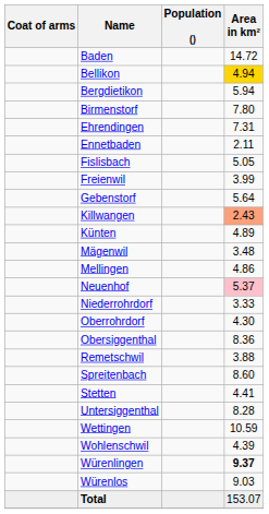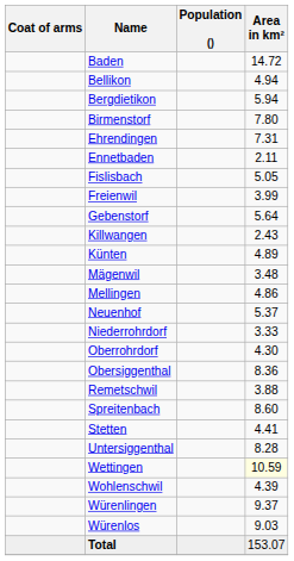 <table class="wikitable sortable">
 <tr>
 <th>Coat of arms</th>
 <th>Name</th>
 <th>Population <br><small><br>()</small></th>
 <th>Area<br> in km²</th>
 </tr>
 <tr>
 <td align="center"></td>
 <td><a href='#'>Baden</a></td>
 <td align="center"></td>
 <td align="center">14.72</td>
 </tr>
 <tr>
 <td align="center"></td>
 <td><a href='#'>Bellikon</a></td>
 <td align="center"></td>
-<td align="center" style="background: gold;">4.94</td>
+<td align="center">4.94</td>
 </tr>
 <tr>
 <td align="center"></td>
 <td><a href='#'>Bergdietikon</a></td>
 <td align="center"></td>
 <td align="center">5.94</td>
 </tr>
 <tr>
 <td align="center"></td>
 <td><a href='#'>Birmenstorf</a></td>
 <td align="center"></td>
 <td align="center">7.80</td>
 </tr>
 <tr>
 <td align="center"></td>
 <td><a href='#'>Ehrendingen</a></td>
 <td align="center"></td>
 <td align="center">7.31</td>
 </tr>
 <tr>
 <td align="center"></td>
 <td><a href='#'>Ennetbaden</a></td>
 <td align="center"></td>
 <td align="center">2.11</td>
 </tr>
 <tr>
 <td align="center"></td>
 <td><a href='#'>Fislisbach</a></td>
 <td align="center"></td>
 <td align="center">5.05</td>
 </tr>
 <tr>
 <td align="center"></td>
 <td><a href='#'>Freienwil</a></td>
 <td align="center"></td>
 <td align="center">3.99</td>
 </tr>
 <tr>
 <td align="center"></td>
 <td><a href='#'>Gebenstorf</a></td>
 <td align="center"></td>
 <td align="center">5.64</td>
 </tr>
 <tr>
 <td align="center"></td>
 <td><a href='#'>Killwangen</a></td>
 <td align="center"></td>
-<td align="center" style="background: lightsalmon;">2.43</td>
+<td align="center">2.43</td>
 </tr>
 <tr>
 <td align="center"></td>
 <td><a href='#'>Künten</a></td>
 <td align="center"></td>
 <td align="center">4.89</td>
 </tr>
 <tr>
 <td align="center"></td>
 <td><a href='#'>Mägenwil</a></td>
 <td align="center"></td>
 <td align="center">3.48</td>
 </tr>
 <tr>
 <td align="center"></td>
 <td><a href='#'>Mellingen</a></td>
 <td align="center"></td>
 <td align="center">4.86</td>
 </tr>
 <tr>
 <td align="center"></td>
 <td><a href='#'>Neuenhof</a></td>
 <td align="center"></td>
-<td align="center" style="background: pink;">5.37</td>
+<td align="center">5.37</td>
 </tr>
 <tr>
 <td align="center"></td>
 <td><a href='#'>Niederrohrdorf</a></td>
 <td align="center"></td>
 <td align="center">3.33</td>
 </tr>
 <tr>
 <td align="center"></td>
 <td><a href='#'>Oberrohrdorf</a></td>
 <td align="center"></td>
 <td align="center">4.30</td>
 </tr>
 <tr>
 <td align="center"></td>
 <td><a href='#'>Obersiggenthal</a></td>
 <td align="center"></td>
 <td align="center">8.36</td>
 </tr>
 <tr>
 <td align="center"></td>
 <td><a href='#'>Remetschwil</a></td>
 <td align="center"></td>
 <td align="center">3.88</td>
 </tr>
 <tr>
 <td align="center"></td>
 <td><a href='#'>Spreitenbach</a></td>
 <td align="center"></td>
 <td align="center">8.60</td>
 </tr>
 <tr>
 <td align="center"></td>
 <td><a href='#'>Stetten</a></td>
 <td align="center"></td>
 <td align="center">4.41</td>
 </tr>
 <tr>
 <td align="center"></td>
 <td><a href='#'>Untersiggenthal</a></td>
 <td align="center"></td>
 <td align="center">8.28</td>
 </tr>
 <tr>
 <td align="center"></td>
 <td><a href='#'>Wettingen</a></td>
 <td align="center"></td>
-<td align="center">10.59</td>
+<td align="center" style="background: lightyellow;">10.59</td>
 </tr>
 <tr>
 <td align="center"></td>
 <td><a href='#'>Wohlenschwil</a></td>
 <td align="center"></td>
 <td align="center">4.39</td>
 </tr>
 <tr>
 <td align="center"></td>
 <td><a href='#'>Würenlingen</a></td>
 <td align="center"></td>
-<td align="center"><strong>9.37</strong></td>
+<td align="center">9.37</td>
 </tr>
 <tr>
 <td align="center"></td>
 <td><a href='#'>Würenlos</a></td>
 <td align="center"></td>
 <td align="center">9.03</td>
 </tr>
 <tr style="background-color:#EFEFEF;">
 <td align="center"></td>
 <td><strong>Total</strong></td>
 <td align="center"></td>
 <td align="center">153.07</td>
 </tr>
 <tr>
 </tr>
 </table>
